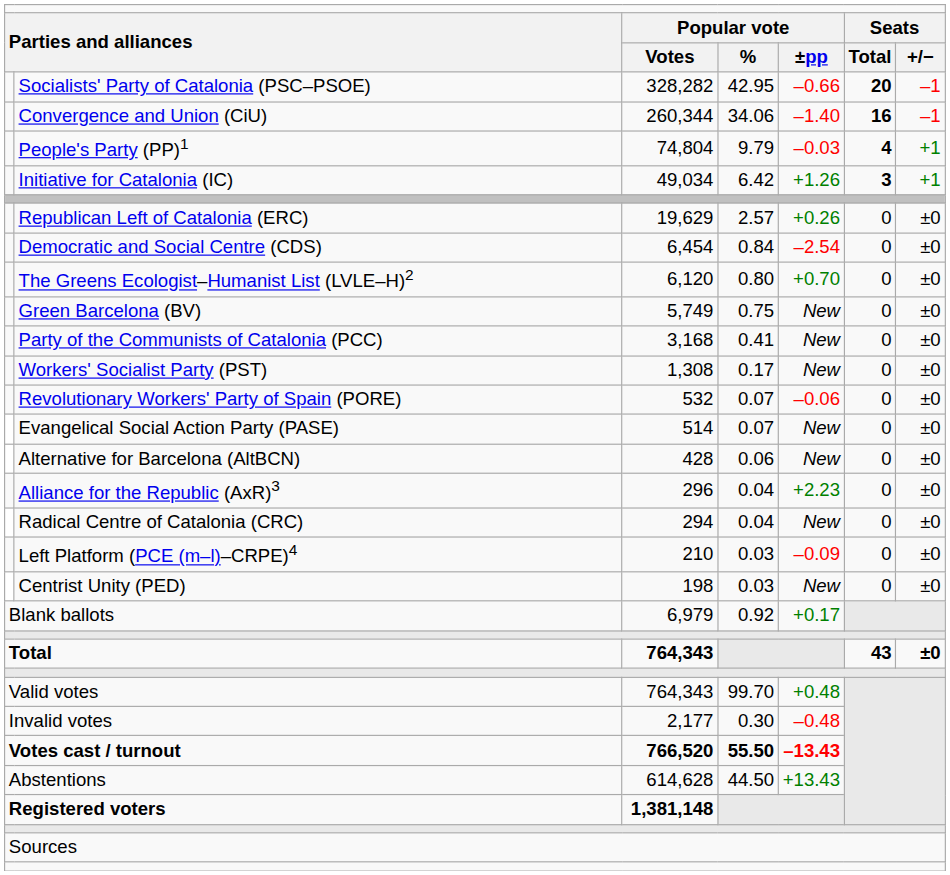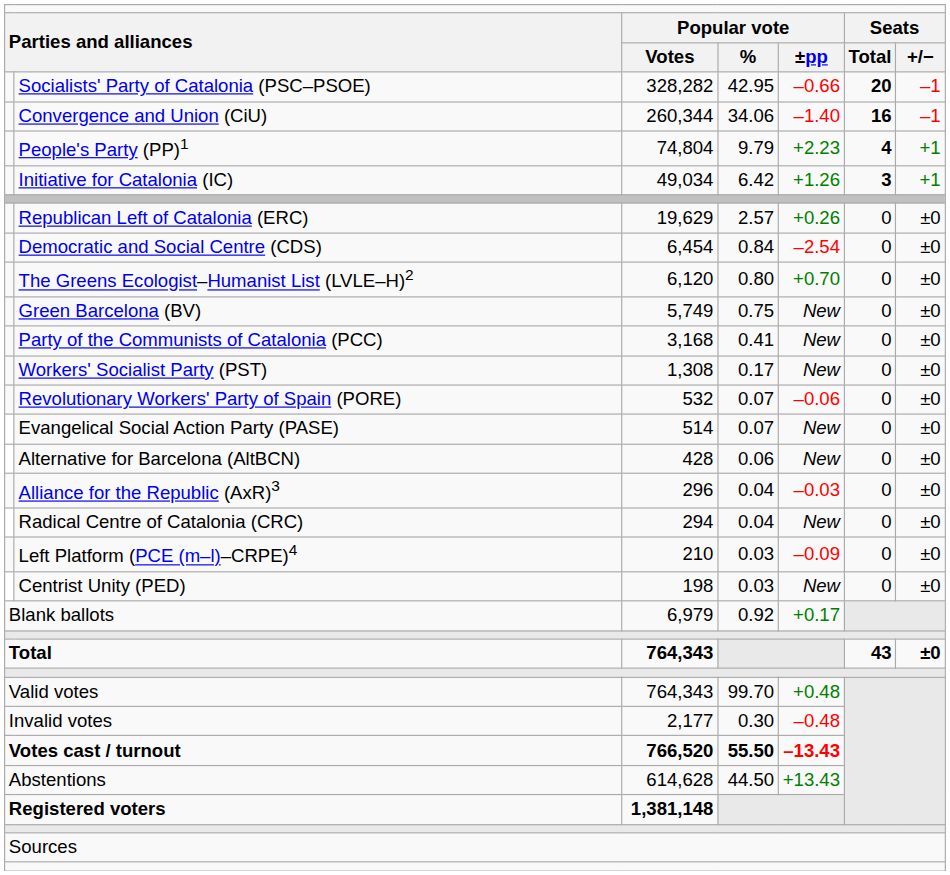 <table class="wikitable" style="text-align:right;">
 <tr>
 <td colspan="7"></td>
 </tr>
 <tr>
 <th style="text-align:left;" rowspan="2" colspan="2" width="525">Parties and alliances</th>
 <th colspan="3">Popular vote</th>
 <th colspan="2">Seats</th>
 </tr>
 <tr>
 <th width="75">Votes</th>
 <th width="45">%</th>
 <th width="45">±<a href='#'>pp</a></th>
 <th width="35">Total</th>
 <th width="35">+/−</th>
 </tr>
 <tr>
 <td width="1" style="color:inherit;background:"></td>
 <td align="left"><a href='#'>Socialists' Party of Catalonia</a> (PSC–PSOE)</td>
 <td>328,282</td>
 <td>42.95</td>
 <td style="color:red;">–0.66</td>
 <td><strong>20</strong></td>
 <td style="color:red;">–1</td>
 </tr>
 <tr>
 <td style="color:inherit;background:"></td>
 <td align="left"><a href='#'>Convergence and Union</a> (CiU)</td>
 <td>260,344</td>
 <td>34.06</td>
 <td style="color:red;">–1.40</td>
 <td><strong>16</strong></td>
 <td style="color:red;">–1</td>
 </tr>
 <tr>
 <td style="color:inherit;background:"></td>
 <td align="left"><a href='#'>People's Party</a> (PP)<sup>1</sup></td>
 <td>74,804</td>
 <td>9.79</td>
-<td style="color:red;">–0.03</td>
+<td style="color:green;">+2.23</td>
 <td><strong>4</strong></td>
 <td style="color:green;">+1</td>
 </tr>
 <tr>
 <td style="color:inherit;background:"></td>
 <td align="left"><a href='#'>Initiative for Catalonia</a> (IC)</td>
 <td>49,034</td>
 <td>6.42</td>
 <td style="color:green;">+1.26</td>
 <td><strong>3</strong></td>
 <td style="color:green;">+1</td>
 </tr>
 <tr>
 <td colspan="7" bgcolor="#C0C0C0"></td>
 </tr>
 <tr>
 <td style="color:inherit;background:"></td>
 <td align="left"><a href='#'>Republican Left of Catalonia</a> (ERC)</td>
 <td>19,629</td>
 <td>2.57</td>
 <td style="color:green;">+0.26</td>
 <td>0</td>
 <td>±0</td>
 </tr>
 <tr>
 <td style="color:inherit;background:"></td>
 <td align="left"><a href='#'>Democratic and Social Centre</a> (CDS)</td>
 <td>6,454</td>
 <td>0.84</td>
 <td style="color:red;">–2.54</td>
 <td>0</td>
 <td>±0</td>
 </tr>
 <tr>
 <td style="color:inherit;background:"></td>
 <td align="left"><a href='#'>The Greens Ecologist</a>–<a href='#'>Humanist List</a> (LVLE–H)<sup>2</sup></td>
 <td>6,120</td>
 <td>0.80</td>
 <td style="color:green;">+0.70</td>
 <td>0</td>
 <td>±0</td>
 </tr>
 <tr>
 <td style="color:inherit;background:"></td>
 <td align="left"><a href='#'>Green Barcelona</a> (BV)</td>
 <td>5,749</td>
 <td>0.75</td>
 <td><em>New</em></td>
 <td>0</td>
 <td>±0</td>
 </tr>
 <tr>
 <td style="color:inherit;background:"></td>
 <td align="left"><a href='#'>Party of the Communists of Catalonia</a> (PCC)</td>
 <td>3,168</td>
 <td>0.41</td>
 <td><em>New</em></td>
 <td>0</td>
 <td>±0</td>
 </tr>
 <tr>
 <td style="color:inherit;background:"></td>
 <td align="left"><a href='#'>Workers' Socialist Party</a> (PST)</td>
 <td>1,308</td>
 <td>0.17</td>
 <td><em>New</em></td>
 <td>0</td>
 <td>±0</td>
 </tr>
 <tr>
 <td style="color:inherit;background:"></td>
 <td align="left"><a href='#'>Revolutionary Workers' Party of Spain</a> (PORE)</td>
 <td>532</td>
 <td>0.07</td>
 <td style="color:red;">–0.06</td>
 <td>0</td>
 <td>±0</td>
 </tr>
 <tr>
 <td bgcolor="white"></td>
 <td align="left">Evangelical Social Action Party (PASE)</td>
 <td>514</td>
 <td>0.07</td>
 <td><em>New</em></td>
 <td>0</td>
 <td>±0</td>
 </tr>
 <tr>
 <td bgcolor="white"></td>
 <td align="left">Alternative for Barcelona (AltBCN)</td>
 <td>428</td>
 <td>0.06</td>
 <td><em>New</em></td>
 <td>0</td>
 <td>±0</td>
 </tr>
 <tr>
 <td style="color:inherit;background:"></td>
 <td align="left"><a href='#'>Alliance for the Republic</a> (AxR)<sup>3</sup></td>
 <td>296</td>
 <td>0.04</td>
-<td style="color:green;">+2.23</td>
+<td style="color:red;">–0.03</td>
 <td>0</td>
 <td>±0</td>
 </tr>
 <tr>
 <td bgcolor="white"></td>
 <td align="left">Radical Centre of Catalonia (CRC)</td>
 <td>294</td>
 <td>0.04</td>
 <td><em>New</em></td>
 <td>0</td>
 <td>±0</td>
 </tr>
 <tr>
 <td style="color:inherit;background:"></td>
 <td align="left">Left Platform (<a href='#'>PCE (m–l)</a>–CRPE)<sup>4</sup></td>
 <td>210</td>
 <td>0.03</td>
 <td style="color:red;">–0.09</td>
 <td>0</td>
 <td>±0</td>
 </tr>
 <tr>
 <td bgcolor="white"></td>
 <td align="left">Centrist Unity (PED)</td>
 <td>198</td>
 <td>0.03</td>
 <td><em>New</em></td>
 <td>0</td>
 <td>±0</td>
 </tr>
 <tr>
 <td align="left" colspan="2">Blank ballots</td>
 <td>6,979</td>
 <td>0.92</td>
 <td style="color:green;">+0.17</td>
 <td bgcolor="#E9E9E9" colspan="2"></td>
 </tr>
 <tr>
 <td colspan="7" bgcolor="#E9E9E9"></td>
 </tr>
 <tr style="font-weight:bold;">
 <td align="left" colspan="2">Total</td>
 <td>764,343</td>
 <td bgcolor="#E9E9E9" colspan="2"></td>
 <td>43</td>
 <td>±0</td>
 </tr>
 <tr>
 <td colspan="7" bgcolor="#E9E9E9"></td>
 </tr>
 <tr>
 <td align="left" colspan="2">Valid votes</td>
 <td>764,343</td>
 <td>99.70</td>
 <td style="color:green;">+0.48</td>
 <td bgcolor="#E9E9E9" colspan="2" rowspan="5"></td>
 </tr>
 <tr>
 <td align="left" colspan="2">Invalid votes</td>
 <td>2,177</td>
 <td>0.30</td>
 <td style="color:red;">–0.48</td>
 </tr>
 <tr style="font-weight:bold;">
 <td align="left" colspan="2">Votes cast / turnout</td>
 <td>766,520</td>
 <td>55.50</td>
 <td style="color:red;">–13.43</td>
 </tr>
 <tr>
 <td align="left" colspan="2">Abstentions</td>
 <td>614,628</td>
 <td>44.50</td>
 <td style="color:green;">+13.43</td>
 </tr>
 <tr style="font-weight:bold;">
 <td align="left" colspan="2">Registered voters</td>
 <td>1,381,148</td>
 <td bgcolor="#E9E9E9" colspan="2"></td>
 </tr>
 <tr>
 <td colspan="7" bgcolor="#E9E9E9"></td>
 </tr>
 <tr>
 <td align="left" colspan="7">Sources</td>
 </tr>
 <tr>
 <td colspan="7" style="text-align:left; max-width:790px;"></td>
 </tr>
 </table>
